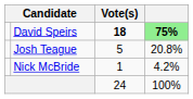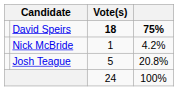 <table class="wikitable" style="text-align:left; font-size:95%; width: 250px;">
 <tr>
 <th colspan=2>Candidate</th>
 <th>Vote(s)</th>
 <th></th>
 </tr>
 <tr>
 <td style="background-color: "></td>
 <td><a href='#'>David Speirs</a></td>
 <td align=center><strong>18</strong></td>
-<td align=center style="background: lightgreen;"><strong>75%</strong></td>
+<td align=center><strong>75%</strong></td>
+</tr>
+<tr>
+<td style="background-color: "></td>
+<td><a href='#'>Nick McBride</a></td>
+<td align=center>1</td>
+<td align=center>4.2%</td>
 </tr>
 <tr>
 <td style="background-color: "></td>
 <td><a href='#'>Josh Teague</a></td>
 <td align=center>5</td>
 <td align=center>20.8%</td>
 </tr>
 <tr>
-<td style="background-color: "></td>
-<td><a href='#'>Nick McBride</a></td>
-<td align=center>1</td>
-<td align=center>4.2%</td>
-</tr>
-<tr>
 <th colspan=2></th>
 <td align=center>24</td>
 <td align=center>100%</td>
 </tr>
 </table>
